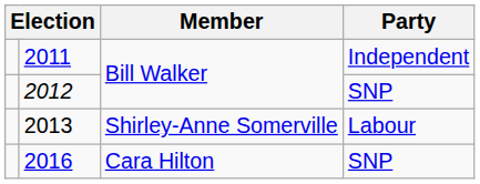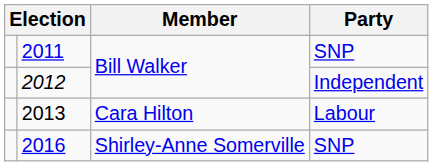 <table class="wikitable">
 <tr>
 <th colspan="2">Election</th>
 <th>Member</th>
 <th>Party</th>
 </tr>
 <tr>
 <td style="background-color: "></td>
 <td><a href='#'>2011</a></td>
 <td rowspan="2"><a href='#'>Bill Walker</a></td>
+<td><a href='#'>SNP</a></td>
+</tr>
+<tr>
+<td style="background-color: "></td>
+<td><em>2012</em></td>
 <td><a href='#'>Independent</a></td>
 </tr>
 <tr>
 <td style="background-color: "></td>
-<td><em>2012</em></td>
-<td><a href='#'>SNP</a></td>
-</tr>
-<tr>
-<td style="background-color: "></td>
 <td>2013</td>
-<td><a href='#'>Shirley-Anne Somerville</a></td>
+<td><a href='#'>Cara Hilton</a></td>
 <td><a href='#'>Labour</a></td>
 </tr>
 <tr>
 <td style="background-color: "></td>
 <td><a href='#'>2016</a></td>
-<td><a href='#'>Cara Hilton</a></td>
+<td><a href='#'>Shirley-Anne Somerville</a></td>
 <td><a href='#'>SNP</a></td>
 </tr>
 </table>
